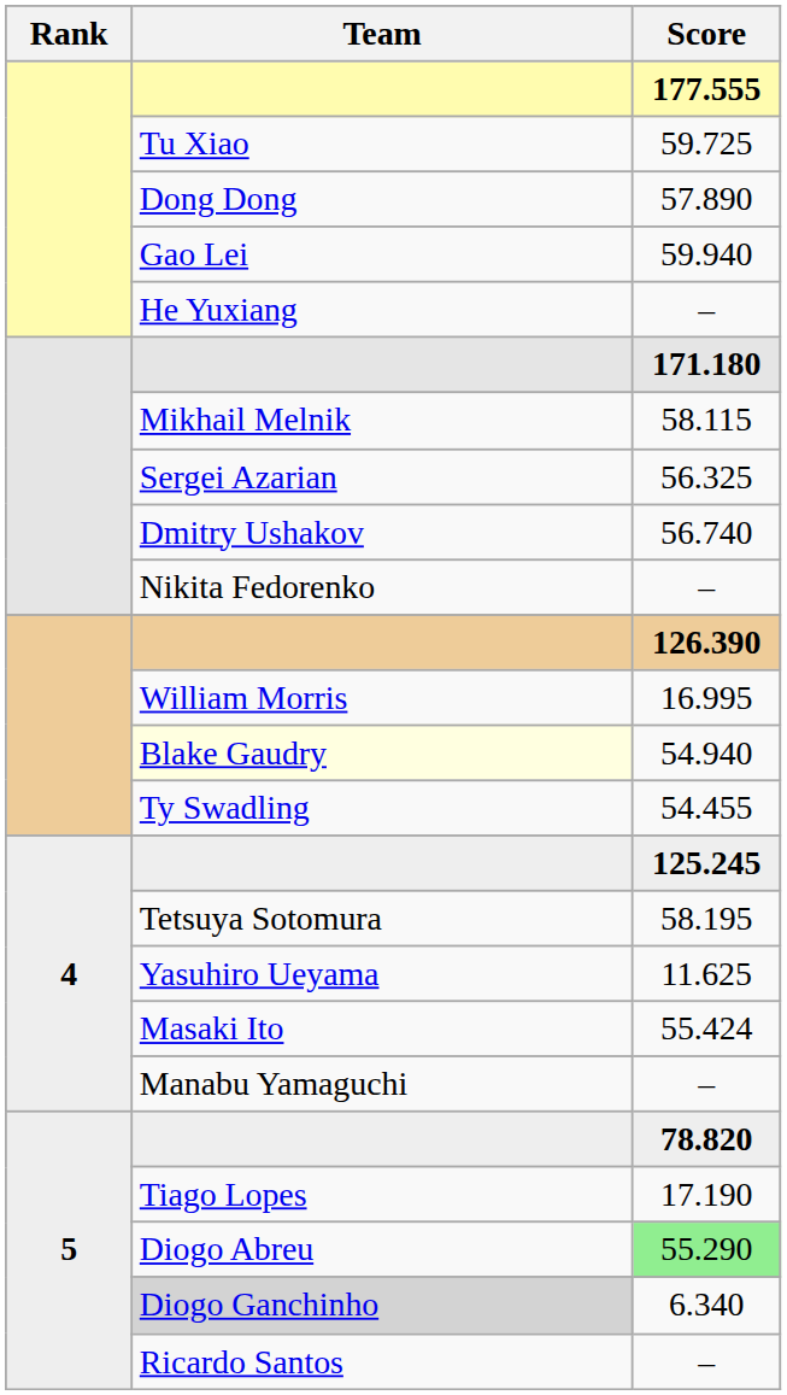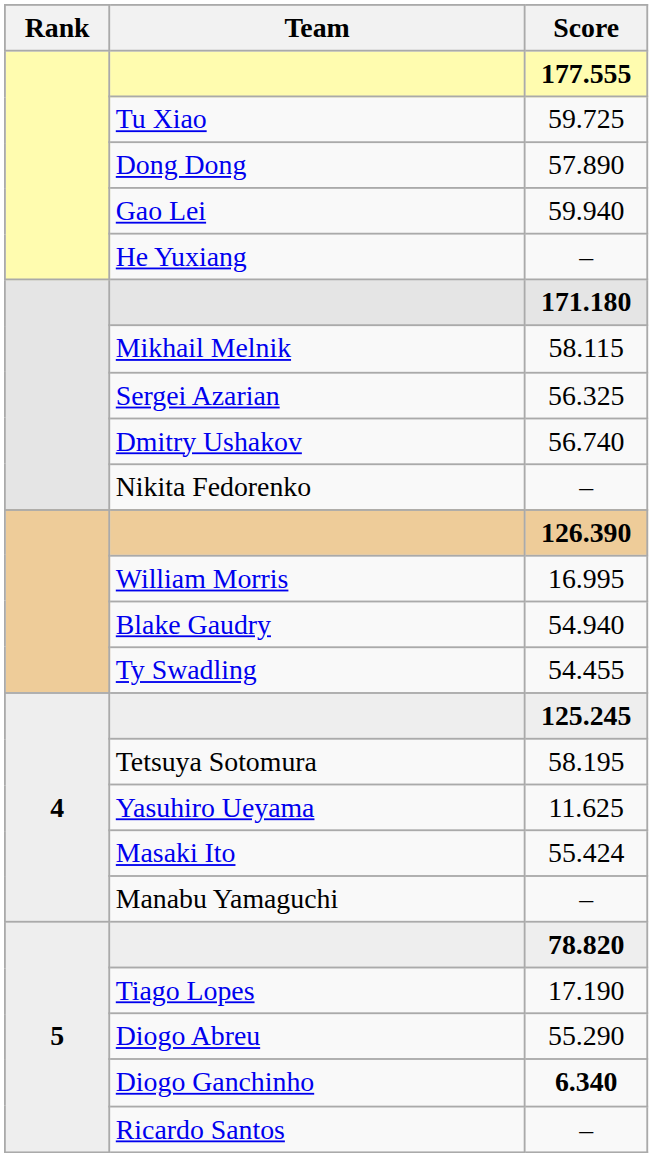 <table class="wikitable" style="text-align:center; font-size:95%">
 <tr>
 <th style="width:50px;">Rank</th>
 <th style="width:220px;">Team</th>
 <th style="width:60px;">Score</th>
 </tr>
 <tr style="background:#fffcaf;">
 <td rowspan=5></td>
 <td style="text-align:left;"><strong></strong></td>
 <td><strong>177.555</strong></td>
 </tr>
 <tr>
 <td style="text-align:left;"><a href='#'>Tu Xiao</a></td>
 <td>59.725</td>
 </tr>
 <tr>
 <td style="text-align:left;"><a href='#'>Dong Dong</a></td>
 <td>57.890</td>
 </tr>
 <tr>
 <td style="text-align:left;"><a href='#'>Gao Lei</a></td>
 <td>59.940</td>
 </tr>
 <tr>
 <td style="text-align:left;"><a href='#'>He Yuxiang</a></td>
 <td>–</td>
 </tr>
 <tr style="background:#e5e5e5;">
 <td rowspan=5></td>
 <td style="text-align:left;"><strong></strong></td>
 <td><strong>171.180</strong></td>
 </tr>
 <tr>
 <td style="text-align:left;"><a href='#'>Mikhail Melnik</a></td>
 <td>58.115</td>
 </tr>
 <tr>
 <td style="text-align:left;"><a href='#'>Sergei Azarian</a></td>
 <td>56.325</td>
 </tr>
 <tr>
 <td style="text-align:left;"><a href='#'>Dmitry Ushakov</a></td>
 <td>56.740</td>
 </tr>
 <tr>
 <td style="text-align:left;">Nikita Fedorenko</td>
 <td>–</td>
 </tr>
 <tr style="background:#ec9;">
 <td rowspan=4></td>
 <td style="text-align:left;"><strong></strong></td>
 <td><strong>126.390</strong></td>
 </tr>
 <tr>
 <td style="text-align:left;"><a href='#'>William Morris</a></td>
 <td>16.995</td>
 </tr>
 <tr>
-<td style="background: lightyellow; text-align:left;"><a href='#'>Blake Gaudry</a></td>
+<td style="text-align:left;"><a href='#'>Blake Gaudry</a></td>
 <td>54.940</td>
 </tr>
 <tr>
 <td style="text-align:left;"><a href='#'>Ty Swadling</a></td>
 <td>54.455</td>
 </tr>
 <tr style="background:#eee;">
 <td rowspan=5><strong>4</strong></td>
 <td style="text-align:left;"><strong></strong></td>
 <td><strong>125.245</strong></td>
 </tr>
 <tr>
 <td style="text-align:left;">Tetsuya Sotomura</td>
 <td>58.195</td>
 </tr>
 <tr>
 <td style="text-align:left;"><a href='#'>Yasuhiro Ueyama</a></td>
 <td>11.625</td>
 </tr>
 <tr>
 <td style="text-align:left;"><a href='#'>Masaki Ito</a></td>
 <td>55.424</td>
 </tr>
 <tr>
 <td style="text-align:left;">Manabu Yamaguchi</td>
 <td>–</td>
 </tr>
 <tr style="background:#eee;">
 <td rowspan=5><strong>5</strong></td>
 <td style="text-align:left;"><strong></strong></td>
 <td><strong>78.820</strong></td>
 </tr>
 <tr>
 <td style="text-align:left;"><a href='#'>Tiago Lopes</a></td>
 <td>17.190</td>
 </tr>
 <tr>
 <td style="text-align:left;"><a href='#'>Diogo Abreu</a></td>
-<td style="background: lightgreen;">55.290</td>
+<td>55.290</td>
 </tr>
 <tr>
-<td style="background: lightgrey; text-align:left;"><a href='#'>Diogo Ganchinho</a></td>
-<td>6.340</td>
+<td style="text-align:left;"><a href='#'>Diogo Ganchinho</a></td>
+<td><strong>6.340</strong></td>
 </tr>
 <tr>
 <td style="text-align:left;"><a href='#'>Ricardo Santos</a></td>
 <td>–</td>
 </tr>
 </table>
